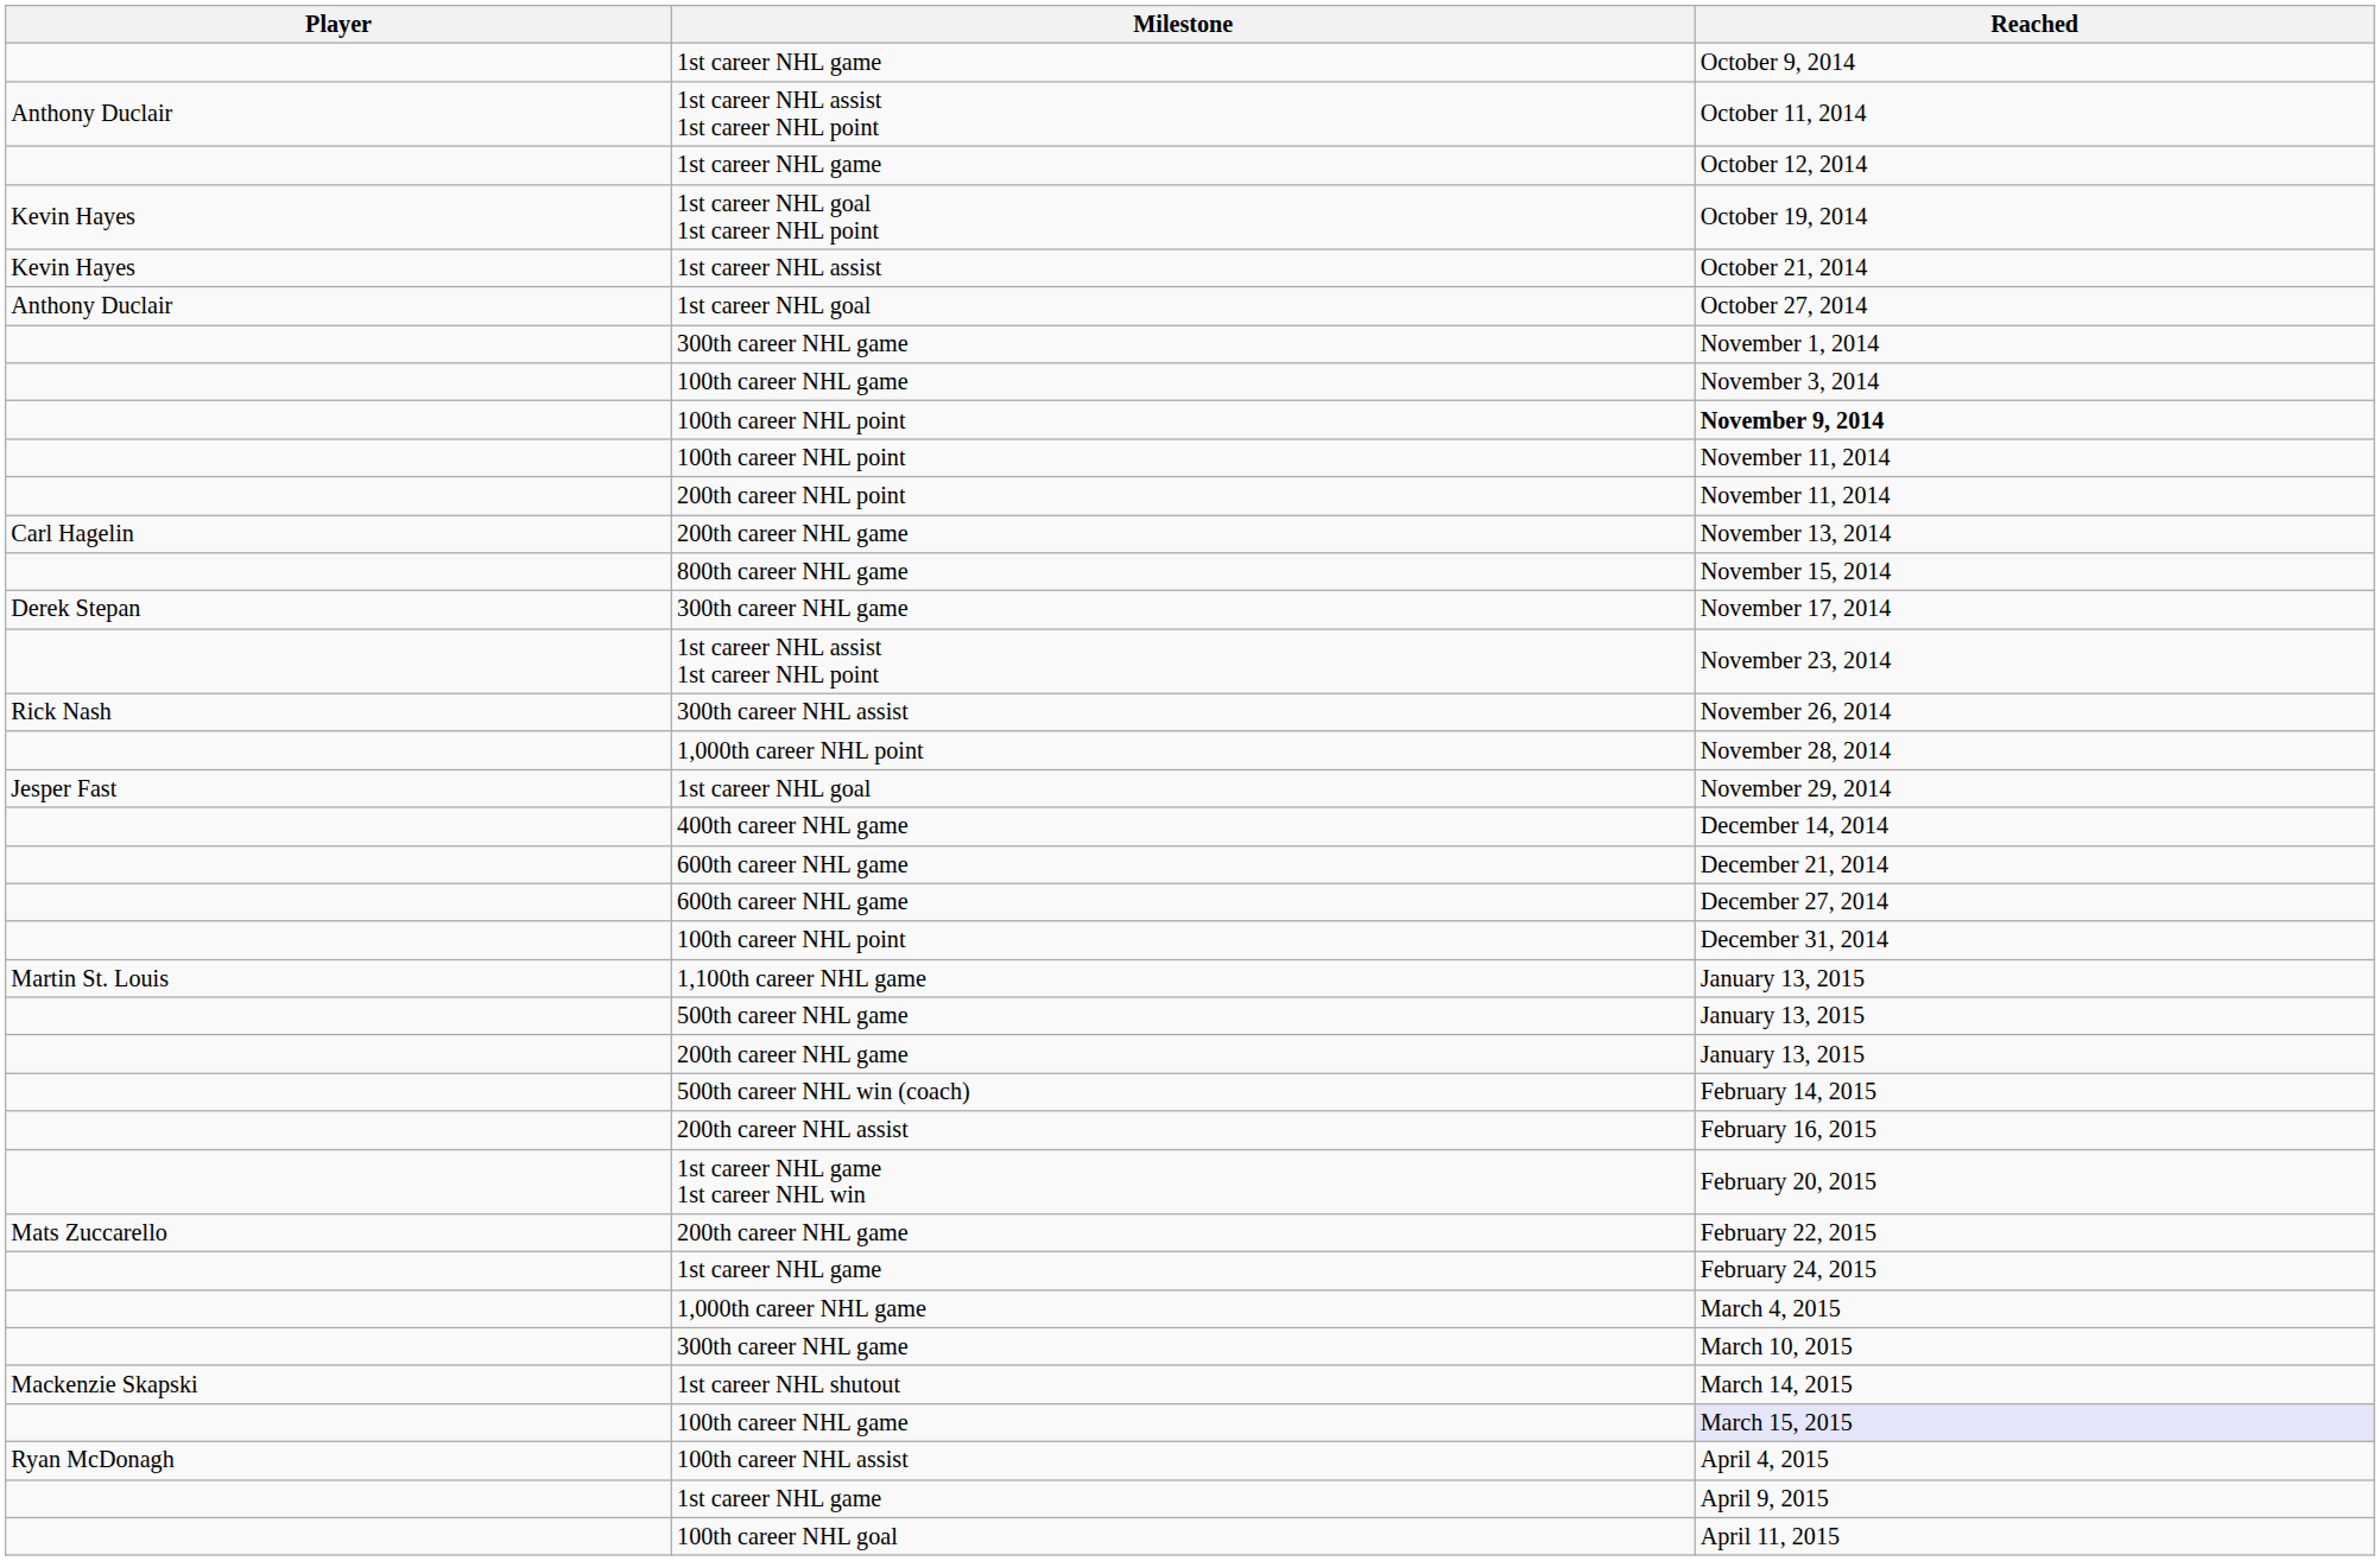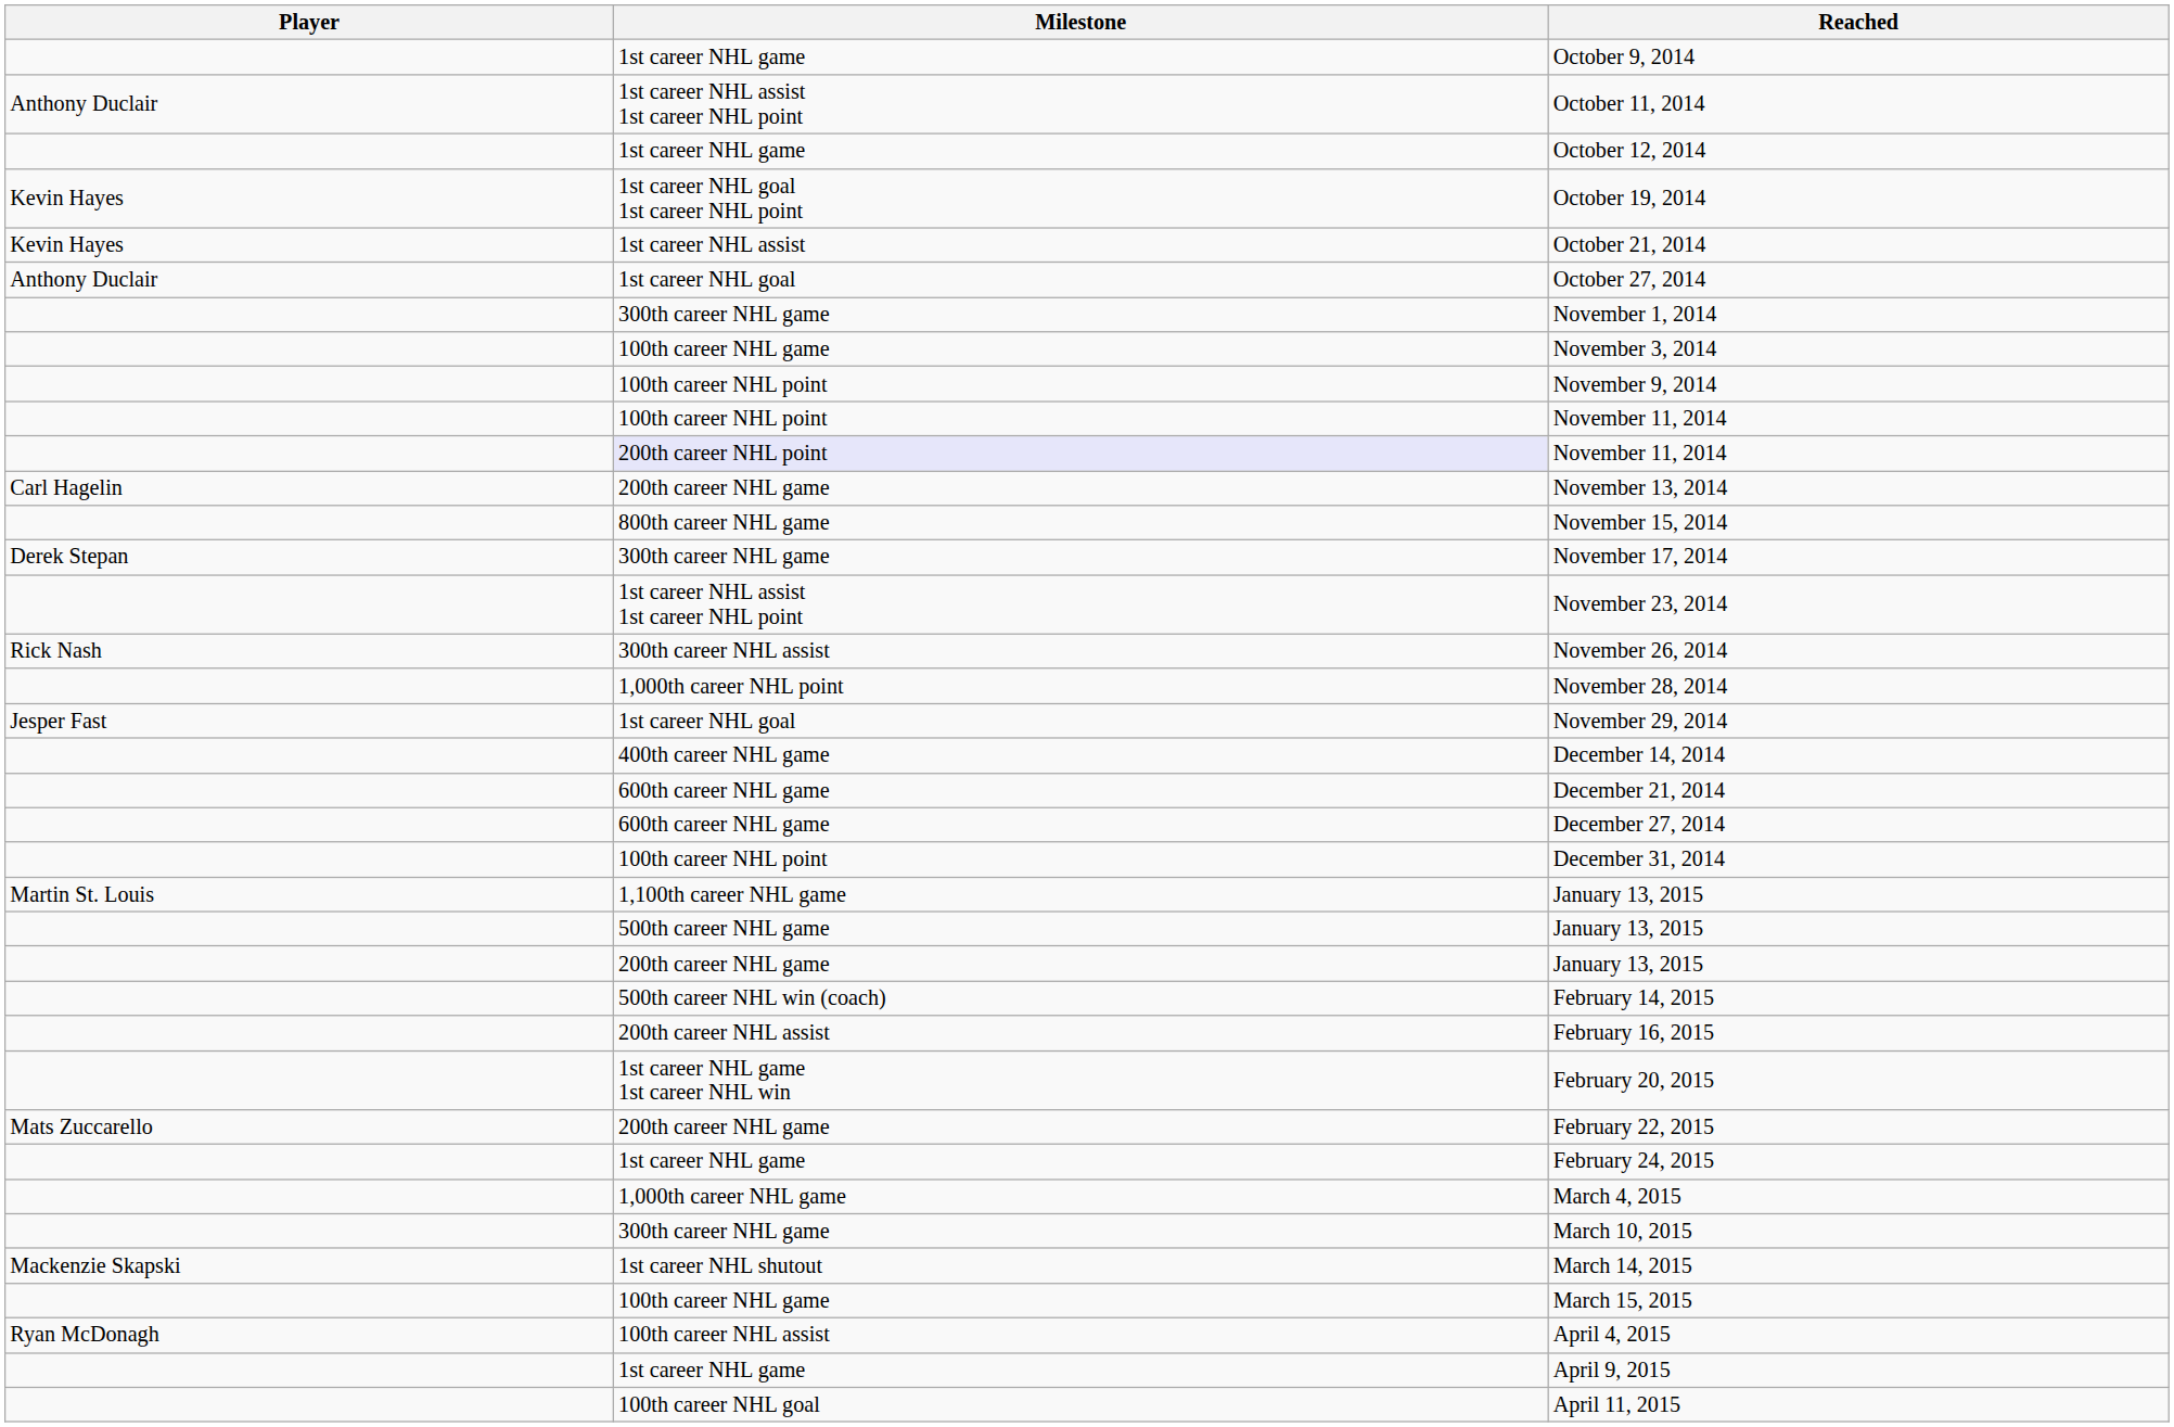 <table class="wikitable sortable" style="width:100%;">
 <tr align=center>
 <th>Player</th>
 <th>Milestone</th>
 <th>Reached</th>
 </tr>
 <tr>
 <td></td>
 <td>1st career NHL game</td>
 <td>October 9, 2014</td>
 </tr>
 <tr>
 <td>Anthony Duclair</td>
 <td>1st career NHL assist<br>1st career NHL point</td>
 <td>October 11, 2014</td>
 </tr>
 <tr>
 <td></td>
 <td>1st career NHL game</td>
 <td>October 12, 2014</td>
 </tr>
 <tr>
 <td>Kevin Hayes</td>
 <td>1st career NHL goal<br>1st career NHL point</td>
 <td>October 19, 2014</td>
 </tr>
 <tr>
 <td>Kevin Hayes</td>
 <td>1st career NHL assist</td>
 <td>October 21, 2014</td>
 </tr>
 <tr>
 <td>Anthony Duclair</td>
 <td>1st career NHL goal</td>
 <td>October 27, 2014</td>
 </tr>
 <tr>
 <td></td>
 <td>300th career NHL game</td>
 <td>November 1, 2014</td>
 </tr>
 <tr>
 <td></td>
 <td>100th career NHL game</td>
 <td>November 3, 2014</td>
 </tr>
 <tr>
 <td></td>
 <td>100th career NHL point</td>
-<td><strong>November 9, 2014</strong></td>
+<td>November 9, 2014</td>
 </tr>
 <tr>
 <td></td>
 <td>100th career NHL point</td>
 <td>November 11, 2014</td>
 </tr>
 <tr>
 <td></td>
-<td>200th career NHL point</td>
+<td style="background: lavender;">200th career NHL point</td>
 <td>November 11, 2014</td>
 </tr>
 <tr>
 <td>Carl Hagelin</td>
 <td>200th career NHL game</td>
 <td>November 13, 2014</td>
 </tr>
 <tr>
 <td></td>
 <td>800th career NHL game</td>
 <td>November 15, 2014</td>
 </tr>
 <tr>
 <td>Derek Stepan</td>
 <td>300th career NHL game</td>
 <td>November 17, 2014</td>
 </tr>
 <tr>
 <td></td>
 <td>1st career NHL assist<br>1st career NHL point</td>
 <td>November 23, 2014</td>
 </tr>
 <tr>
 <td>Rick Nash</td>
 <td>300th career NHL assist</td>
 <td>November 26, 2014</td>
 </tr>
 <tr>
 <td></td>
 <td>1,000th career NHL point</td>
 <td>November 28, 2014</td>
 </tr>
 <tr>
 <td>Jesper Fast</td>
 <td>1st career NHL goal</td>
 <td>November 29, 2014</td>
 </tr>
 <tr>
 <td></td>
 <td>400th career NHL game</td>
 <td>December 14, 2014</td>
 </tr>
 <tr>
 <td></td>
 <td>600th career NHL game</td>
 <td>December 21, 2014</td>
 </tr>
 <tr>
 <td></td>
 <td>600th career NHL game</td>
 <td>December 27, 2014</td>
 </tr>
 <tr>
 <td></td>
 <td>100th career NHL point</td>
 <td>December 31, 2014</td>
 </tr>
 <tr>
 <td>Martin St. Louis</td>
 <td>1,100th career NHL game</td>
 <td>January 13, 2015</td>
 </tr>
 <tr>
 <td></td>
 <td>500th career NHL game</td>
 <td>January 13, 2015</td>
 </tr>
 <tr>
 <td></td>
 <td>200th career NHL game</td>
 <td>January 13, 2015</td>
 </tr>
 <tr>
 <td></td>
 <td>500th career NHL win (coach)</td>
 <td>February 14, 2015</td>
 </tr>
 <tr>
 <td></td>
 <td>200th career NHL assist</td>
 <td>February 16, 2015</td>
 </tr>
 <tr>
 <td></td>
 <td>1st career NHL game<br>1st career NHL win</td>
 <td>February 20, 2015</td>
 </tr>
 <tr>
 <td>Mats Zuccarello</td>
 <td>200th career NHL game</td>
 <td>February 22, 2015</td>
 </tr>
 <tr>
 <td></td>
 <td>1st career NHL game</td>
 <td>February 24, 2015</td>
 </tr>
 <tr>
 <td></td>
 <td>1,000th career NHL game</td>
 <td>March 4, 2015</td>
 </tr>
 <tr>
 <td></td>
 <td>300th career NHL game</td>
 <td>March 10, 2015</td>
 </tr>
 <tr>
 <td>Mackenzie Skapski</td>
 <td>1st career NHL shutout</td>
 <td>March 14, 2015</td>
 </tr>
 <tr>
 <td></td>
 <td>100th career NHL game</td>
-<td style="background: lavender;">March 15, 2015</td>
+<td>March 15, 2015</td>
 </tr>
 <tr>
 <td>Ryan McDonagh</td>
 <td>100th career NHL assist</td>
 <td>April 4, 2015</td>
 </tr>
 <tr>
 <td></td>
 <td>1st career NHL game</td>
 <td>April 9, 2015</td>
 </tr>
 <tr>
 <td></td>
 <td>100th career NHL goal</td>
 <td>April 11, 2015</td>
 </tr>
 </table>
